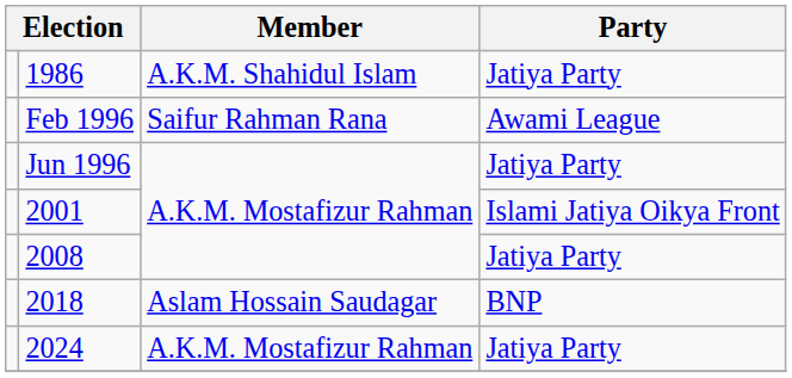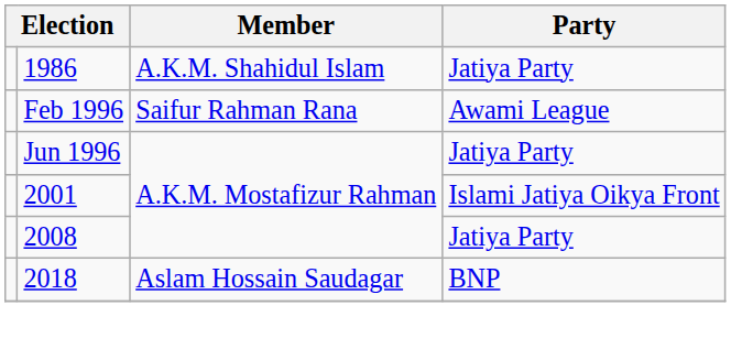 <table class="wikitable">
 <tr>
 <th colspan="2">Election</th>
 <th>Member</th>
 <th>Party</th>
 </tr>
 <tr>
 <td style="background-color:"></td>
 <td><a href='#'>1986</a></td>
 <td><a href='#'>A.K.M. Shahidul Islam</a></td>
 <td><a href='#'>Jatiya Party</a></td>
 </tr>
 <tr>
 <td style="background-color:"></td>
 <td><a href='#'>Feb 1996</a></td>
 <td><a href='#'>Saifur Rahman Rana</a></td>
 <td><a href='#'>Awami League</a></td>
 </tr>
 <tr>
 <td style="background-color:"></td>
 <td><a href='#'>Jun 1996</a></td>
 <td rowspan="3"><a href='#'>A.K.M. Mostafizur Rahman</a></td>
 <td><a href='#'>Jatiya Party</a></td>
 </tr>
 <tr>
 <td style="background-color:"></td>
 <td><a href='#'>2001</a></td>
 <td><a href='#'>Islami Jatiya Oikya Front</a></td>
 </tr>
 <tr>
 <td style="background-color:"></td>
 <td><a href='#'>2008</a></td>
 <td><a href='#'>Jatiya Party</a></td>
 </tr>
 <tr>
 <td style="background-color:"></td>
 <td><a href='#'>2018</a></td>
 <td><a href='#'>Aslam Hossain Saudagar</a></td>
 <td><a href='#'>BNP</a></td>
 </tr>
 <tr>
-<td style="background-color:"></td>
-<td><a href='#'>2024</a></td>
-<td><a href='#'>A.K.M. Mostafizur Rahman</a></td>
-<td><a href='#'>Jatiya Party</a></td>
-</tr>
-<tr>
 </tr>
 </table>
